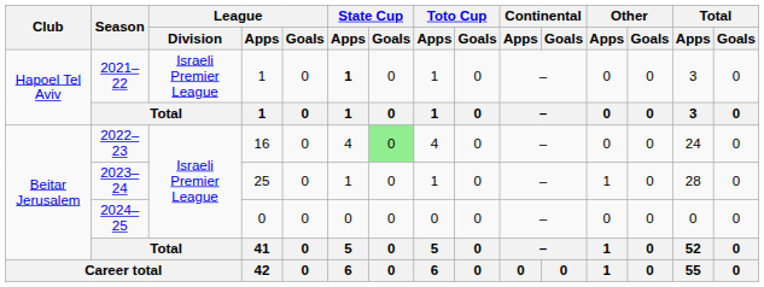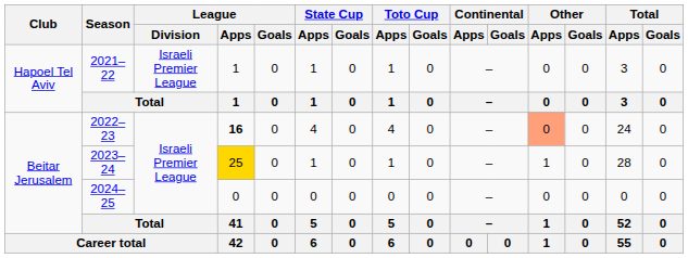 <table class="wikitable" style="text-align: center">
 <tr>
 <th rowspan="2">Club</th>
 <th rowspan="2">Season</th>
 <th colspan="3">League</th>
 <th colspan="2"><a href='#'>State Cup</a></th>
 <th colspan="2"><a href='#'>Toto Cup</a></th>
 <th colspan="2">Continental</th>
 <th colspan="2">Other</th>
 <th colspan="2">Total</th>
 </tr>
 <tr>
 <th>Division</th>
 <th>Apps</th>
 <th>Goals</th>
 <th>Apps</th>
 <th>Goals</th>
 <th>Apps</th>
 <th>Goals</th>
 <th>Apps</th>
 <th>Goals</th>
 <th>Apps</th>
 <th>Goals</th>
 <th>Apps</th>
 <th>Goals</th>
 </tr>
 <tr>
 <td rowspan="2"><a href='#'>Hapoel Tel Aviv</a></td>
 <td><a href='#'>2021–22</a></td>
 <td><a href='#'>Israeli Premier League</a></td>
 <td>1</td>
 <td>0</td>
-<td><strong>1</strong></td>
+<td>1</td>
 <td>0</td>
 <td>1</td>
 <td>0</td>
 <td colspan="2">–</td>
 <td>0</td>
 <td>0</td>
 <td>3</td>
 <td>0</td>
 </tr>
 <tr>
 <th colspan="2">Total</th>
 <th>1</th>
 <th>0</th>
 <th>1</th>
 <th>0</th>
 <th>1</th>
 <th>0</th>
 <th colspan="2">–</th>
 <th>0</th>
 <th>0</th>
 <th>3</th>
 <th>0</th>
 </tr>
 <tr>
 <td rowspan="4"><a href='#'>Beitar Jerusalem</a></td>
 <td><a href='#'>2022–23</a></td>
 <td rowspan="3"><a href='#'>Israeli Premier League</a></td>
-<td>16</td>
+<td><strong>16</strong></td>
 <td>0</td>
 <td>4</td>
-<td style="background: lightgreen;">0</td>
+<td>0</td>
 <td>4</td>
 <td>0</td>
 <td colspan="2">–</td>
-<td>0</td>
+<td style="background: lightsalmon;">0</td>
 <td>0</td>
 <td>24</td>
 <td>0</td>
 </tr>
 <tr>
 <td><a href='#'>2023–24</a></td>
-<td>25</td>
+<td style="background: gold;">25</td>
 <td>0</td>
 <td>1</td>
 <td>0</td>
 <td>1</td>
 <td>0</td>
 <td colspan="2">–</td>
 <td>1</td>
 <td>0</td>
 <td>28</td>
 <td>0</td>
 </tr>
 <tr>
 <td><a href='#'>2024–25</a></td>
 <td>0</td>
 <td>0</td>
 <td>0</td>
 <td>0</td>
 <td>0</td>
 <td>0</td>
 <td colspan="2">–</td>
 <td>0</td>
 <td>0</td>
 <td>0</td>
 <td>0</td>
 </tr>
 <tr>
 <th colspan="2">Total</th>
 <th>41</th>
 <th>0</th>
 <th>5</th>
 <th>0</th>
 <th>5</th>
 <th>0</th>
 <th colspan="2">–</th>
 <th>1</th>
 <th>0</th>
 <th>52</th>
 <th>0</th>
 </tr>
 <tr>
 <th colspan="3"><strong>Career total</strong></th>
 <th>42</th>
 <th>0</th>
 <th>6</th>
 <th>0</th>
 <th>6</th>
 <th>0</th>
 <th>0</th>
 <th>0</th>
 <th>1</th>
 <th>0</th>
 <th>55</th>
 <th>0</th>
 </tr>
 </table>
